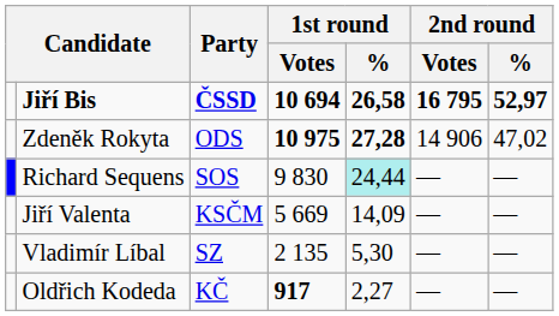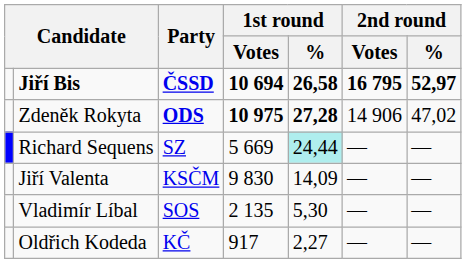 <table class="wikitable sortable">
 <tr>
 <th colspan="2" rowspan="2">Candidate</th>
 <th rowspan="2">Party</th>
 <th colspan="2">1st round</th>
 <th colspan="2">2nd round</th>
 </tr>
 <tr>
 <th>Votes</th>
 <th>%</th>
 <th>Votes</th>
 <th>%</th>
 </tr>
 <tr>
 <td style="background-color:"></td>
 <td><strong>Jiří Bis</strong></td>
 <td><a href='#'><strong>ČSSD</strong></a></td>
 <td><strong>10 694</strong></td>
 <td><strong>26,58</strong></td>
 <td><strong>16 795</strong></td>
 <td><strong>52,97</strong></td>
 </tr>
 <tr>
 <td style="background-color:"></td>
 <td>Zdeněk Rokyta</td>
-<td><a href='#'>ODS</a></td>
+<td><strong><a href='#'>ODS</a></strong></td>
 <td><strong>10 975</strong></td>
 <td><strong>27,28</strong></td>
 <td>14 906</td>
 <td>47,02</td>
 </tr>
 <tr>
 <td style="background-color:blue;"></td>
 <td>Richard Sequens</td>
-<td><a href='#'>SOS</a></td>
-<td>9 830</td>
+<td><a href='#'>SZ</a></td>
+<td>5 669</td>
 <td style="background: paleturquoise;">24,44</td>
 <td>—</td>
 <td>—</td>
 </tr>
 <tr>
 <td style="background-color:"></td>
 <td>Jiří Valenta</td>
 <td><a href='#'>KSČM</a></td>
-<td>5 669</td>
+<td>9 830</td>
 <td>14,09</td>
 <td>—</td>
 <td>—</td>
 </tr>
 <tr>
 <td style="background-color:"></td>
 <td>Vladimír Líbal</td>
-<td><a href='#'>SZ</a></td>
+<td><a href='#'>SOS</a></td>
 <td>2 135</td>
 <td>5,30</td>
 <td>—</td>
 <td>—</td>
 </tr>
 <tr>
 <td style="background-color:"></td>
 <td>Oldřich Kodeda</td>
 <td><a href='#'>KČ</a></td>
-<td><strong>917</strong></td>
+<td>917</td>
 <td>2,27</td>
 <td>—</td>
 <td>—</td>
 </tr>
 </table>
